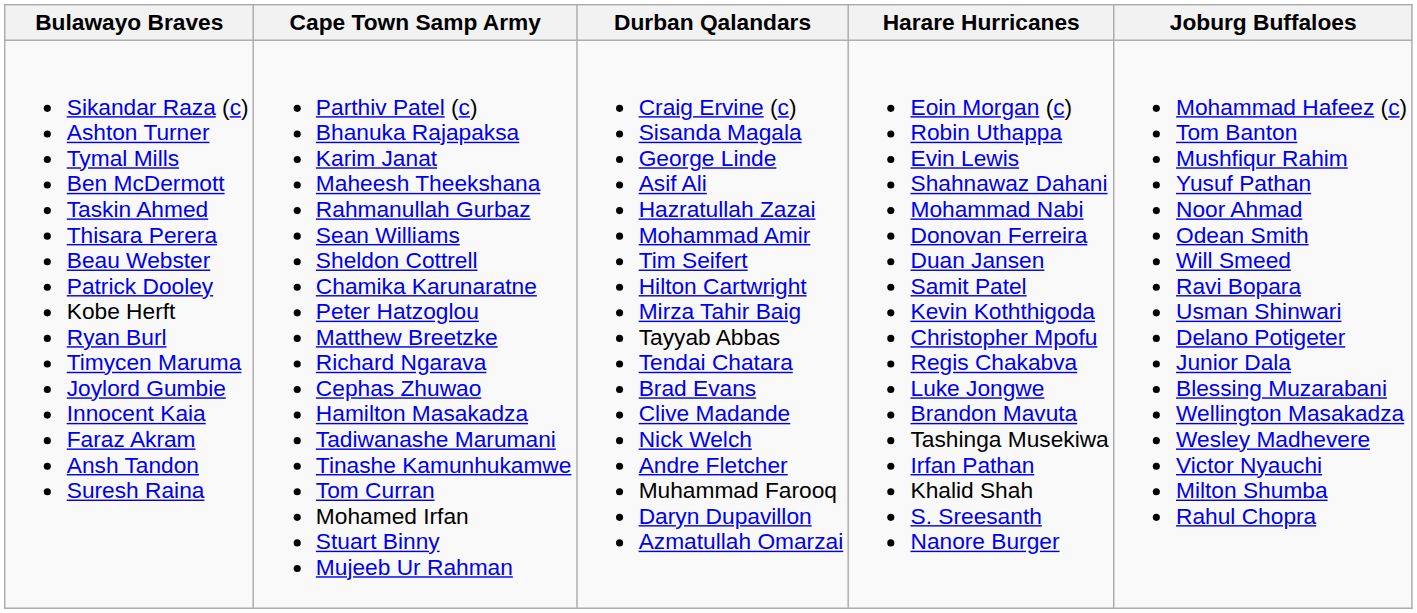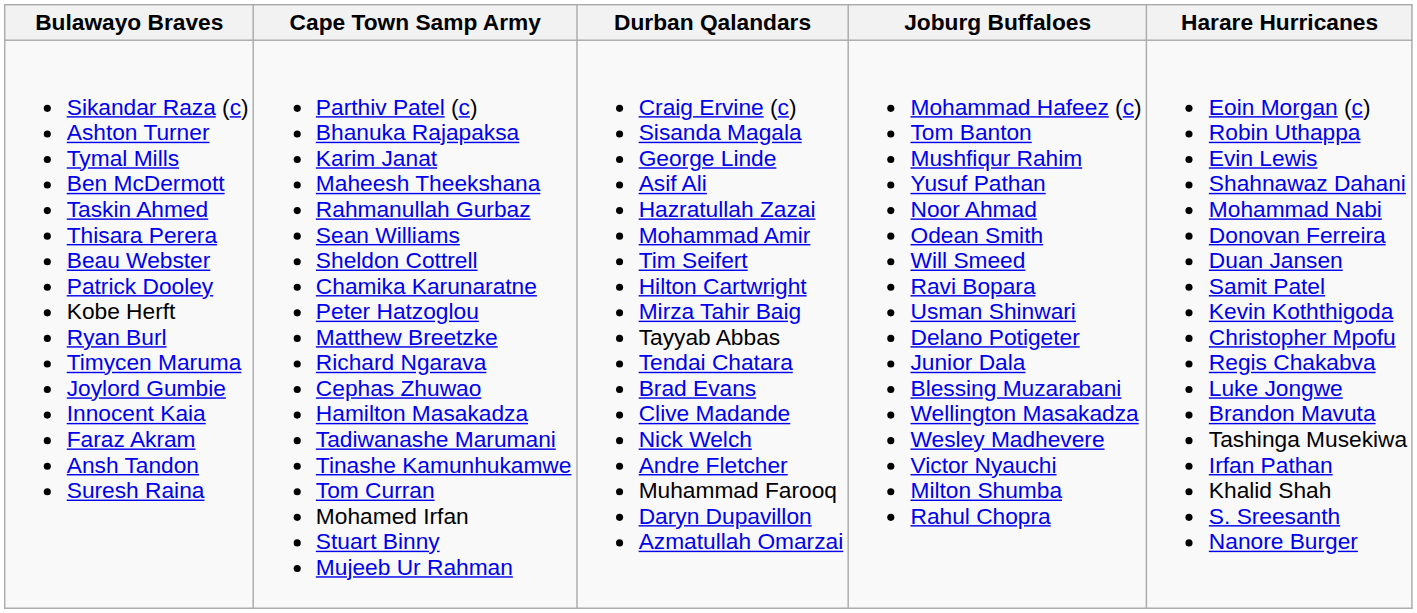 <table class="wikitable">
 <tr>
 <th>Bulawayo Braves</th>
 <th>Cape Town Samp Army</th>
 <th>Durban Qalandars</th>
+<th>Joburg Buffaloes</th>
 <th>Harare Hurricanes</th>
-<th>Joburg Buffaloes</th>
 </tr>
 <tr>
 <td valign="top"><br><ul><li><a href='#'>Sikandar Raza</a> (<a href='#'>c</a>)</li><li><a href='#'>Ashton Turner</a></li><li><a href='#'>Tymal Mills</a></li><li><a href='#'>Ben McDermott</a></li><li><a href='#'>Taskin Ahmed</a></li><li><a href='#'>Thisara Perera</a></li><li><a href='#'>Beau Webster</a></li><li><a href='#'>Patrick Dooley</a></li><li>Kobe Herft</li><li><a href='#'>Ryan Burl</a></li><li><a href='#'>Timycen Maruma</a></li><li><a href='#'>Joylord Gumbie</a></li><li><a href='#'>Innocent Kaia</a></li><li><a href='#'>Faraz Akram</a></li><li><a href='#'>Ansh Tandon</a></li><li><a href='#'>Suresh Raina</a></li></ul></td>
 <td valign="top"><br><ul><li><a href='#'>Parthiv Patel</a> (<a href='#'>c</a>)</li><li><a href='#'>Bhanuka Rajapaksa</a></li><li><a href='#'>Karim Janat</a></li><li><a href='#'>Maheesh Theekshana</a></li><li><a href='#'>Rahmanullah Gurbaz</a></li><li><a href='#'>Sean Williams</a></li><li><a href='#'>Sheldon Cottrell</a></li><li><a href='#'>Chamika Karunaratne</a></li><li><a href='#'>Peter Hatzoglou</a></li><li><a href='#'>Matthew Breetzke</a></li><li><a href='#'>Richard Ngarava</a></li><li><a href='#'>Cephas Zhuwao</a></li><li><a href='#'>Hamilton Masakadza</a></li><li><a href='#'>Tadiwanashe Marumani</a></li><li><a href='#'>Tinashe Kamunhukamwe</a></li><li><a href='#'>Tom Curran</a></li><li>Mohamed Irfan</li><li><a href='#'>Stuart Binny</a></li><li><a href='#'>Mujeeb Ur Rahman</a></li></ul></td>
 <td valign="top"><br><ul><li><a href='#'>Craig Ervine</a> (<a href='#'>c</a>)</li><li><a href='#'>Sisanda Magala</a></li><li><a href='#'>George Linde</a></li><li><a href='#'>Asif Ali</a></li><li><a href='#'>Hazratullah Zazai</a></li><li><a href='#'>Mohammad Amir</a></li><li><a href='#'>Tim Seifert</a></li><li><a href='#'>Hilton Cartwright</a></li><li><a href='#'>Mirza Tahir Baig</a></li><li>Tayyab Abbas</li><li><a href='#'>Tendai Chatara</a></li><li><a href='#'>Brad Evans</a></li><li><a href='#'>Clive Madande</a></li><li><a href='#'>Nick Welch</a></li><li><a href='#'>Andre Fletcher</a></li><li>Muhammad Farooq</li><li><a href='#'>Daryn Dupavillon</a></li><li><a href='#'>Azmatullah Omarzai</a></li></ul></td>
+<td valign="top"><br><ul><li><a href='#'>Mohammad Hafeez</a> (<a href='#'>c</a>)</li><li><a href='#'>Tom Banton</a></li><li><a href='#'>Mushfiqur Rahim</a></li><li><a href='#'>Yusuf Pathan</a></li><li><a href='#'>Noor Ahmad</a></li><li><a href='#'>Odean Smith</a></li><li><a href='#'>Will Smeed</a></li><li><a href='#'>Ravi Bopara</a></li><li><a href='#'>Usman Shinwari</a></li><li><a href='#'>Delano Potigeter</a></li><li><a href='#'>Junior Dala</a></li><li><a href='#'>Blessing Muzarabani</a></li><li><a href='#'>Wellington Masakadza</a></li><li><a href='#'>Wesley Madhevere</a></li><li><a href='#'>Victor Nyauchi</a></li><li><a href='#'>Milton Shumba</a></li><li><a href='#'>Rahul Chopra</a></li></ul></td>
 <td valign="top"><br><ul><li><a href='#'>Eoin Morgan</a> (<a href='#'>c</a>)</li><li><a href='#'>Robin Uthappa</a></li><li><a href='#'>Evin Lewis</a></li><li><a href='#'>Shahnawaz Dahani</a></li><li><a href='#'>Mohammad Nabi</a></li><li><a href='#'>Donovan Ferreira</a></li><li><a href='#'>Duan Jansen</a></li><li><a href='#'>Samit Patel</a></li><li><a href='#'>Kevin Koththigoda</a></li><li><a href='#'>Christopher Mpofu</a></li><li><a href='#'>Regis Chakabva</a></li><li><a href='#'>Luke Jongwe</a></li><li><a href='#'>Brandon Mavuta</a></li><li>Tashinga Musekiwa</li><li><a href='#'>Irfan Pathan</a></li><li>Khalid Shah</li><li><a href='#'>S. Sreesanth</a></li><li><a href='#'>Nanore Burger</a></li></ul></td>
-<td valign="top"><br><ul><li><a href='#'>Mohammad Hafeez</a> (<a href='#'>c</a>)</li><li><a href='#'>Tom Banton</a></li><li><a href='#'>Mushfiqur Rahim</a></li><li><a href='#'>Yusuf Pathan</a></li><li><a href='#'>Noor Ahmad</a></li><li><a href='#'>Odean Smith</a></li><li><a href='#'>Will Smeed</a></li><li><a href='#'>Ravi Bopara</a></li><li><a href='#'>Usman Shinwari</a></li><li><a href='#'>Delano Potigeter</a></li><li><a href='#'>Junior Dala</a></li><li><a href='#'>Blessing Muzarabani</a></li><li><a href='#'>Wellington Masakadza</a></li><li><a href='#'>Wesley Madhevere</a></li><li><a href='#'>Victor Nyauchi</a></li><li><a href='#'>Milton Shumba</a></li><li><a href='#'>Rahul Chopra</a></li></ul></td>
 </tr>
 </table>
